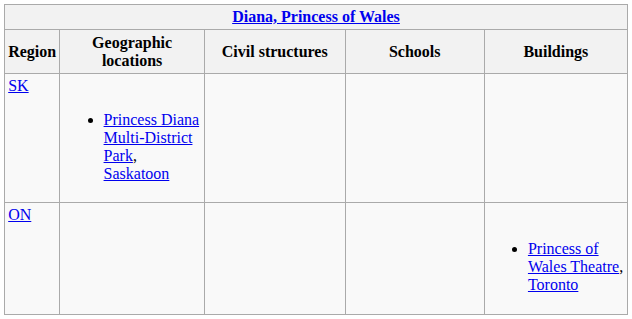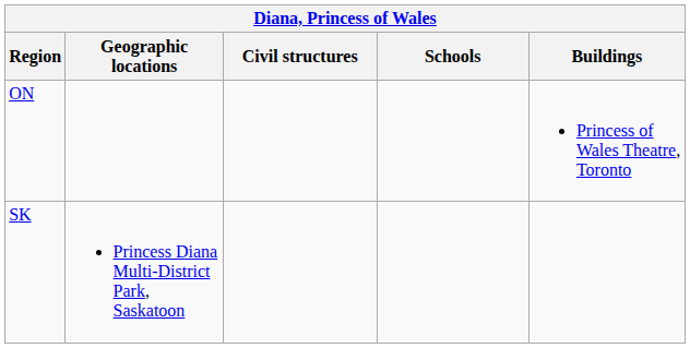 <table class="wikitable" width="100%">
 <tr>
 <th colspan="5"> <a href='#'>Diana, Princess of Wales</a></th>
 </tr>
 <tr>
 <th width="5%">Region</th>
 <th width="23.75%">Geographic locations</th>
 <th width="23.75%">Civil structures</th>
 <th width="23.75%">Schools</th>
 <th width="23.75%">Buildings</th>
 </tr>
 <tr>
+<td align=left valign=top> <a href='#'>ON</a></td>
+<td></td>
+<td></td>
+<td></td>
+<td align=left valign=top><br><ul><li><a href='#'>Princess of Wales Theatre</a>, <a href='#'>Toronto</a></li></ul></td>
+</tr>
+<tr>
 <td align=left valign=top> <a href='#'>SK</a></td>
 <td align=left valign=top><br><ul><li><a href='#'>Princess Diana Multi-District Park</a>, <a href='#'>Saskatoon</a></li></ul></td>
 <td></td>
 <td></td>
 <td></td>
 </tr>
-<tr>
-<td align=left valign=top> <a href='#'>ON</a></td>
-<td></td>
-<td></td>
-<td></td>
-<td align=left valign=top><br><ul><li><a href='#'>Princess of Wales Theatre</a>, <a href='#'>Toronto</a></li></ul></td>
-</tr>
 </table>
